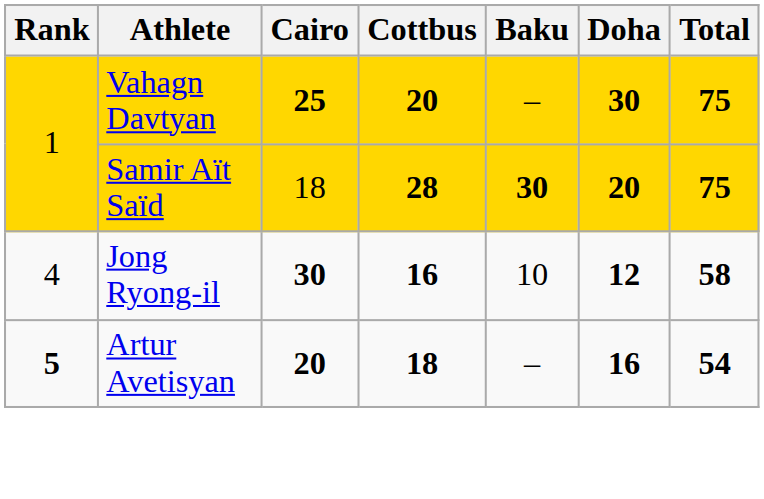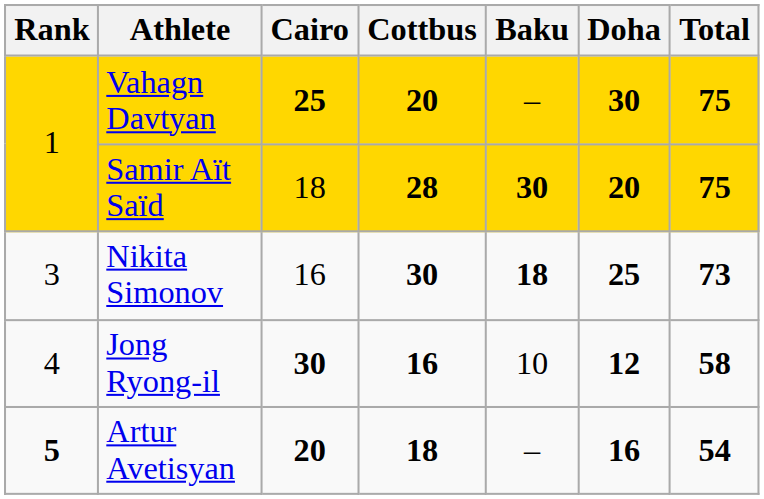 <table style="width:60%;" class="wikitable">
 <tr>
 <th style="text-align:center; width:6%;">Rank</th>
 <th style="text-align:center; width:20%;">Athlete</th>
 <th style="text-align:center; width:6%;"> Cairo</th>
 <th style="text-align:center; width:6%;"> Cottbus</th>
 <th style="text-align:center; width:6%;"> Baku</th>
 <th style="text-align:center; width:6%;"> Doha</th>
 <th style="text-align:center; width:6%;">Total</th>
 </tr>
 <tr scope=row style="text-align:center" bgcolor=gold>
 <td rowspan="2">1</td>
 <td align=left> <a href='#'>Vahagn Davtyan</a></td>
 <td><strong>25</strong></td>
 <td><strong>20</strong></td>
 <td>–</td>
 <td><strong>30</strong></td>
 <td><strong>75</strong></td>
 </tr>
 <tr scope=row style="text-align:center" bgcolor=gold>
 <td align=left> <a href='#'>Samir Aït Saïd</a></td>
 <td>18</td>
 <td><strong>28</strong></td>
 <td><strong>30</strong></td>
 <td><strong>20</strong></td>
 <td><strong>75</strong></td>
 </tr>
 <tr scope=row style="text-align:center">
+<td>3</td>
+<td align=left> <a href='#'>Nikita Simonov</a></td>
+<td>16</td>
+<td><strong>30</strong></td>
+<td><strong>18</strong></td>
+<td><strong>25</strong></td>
+<td><strong>73</strong></td>
+</tr>
+<tr scope=row style="text-align:center">
 <td>4</td>
 <td align=left> <a href='#'>Jong Ryong-il</a></td>
 <td><strong>30</strong></td>
 <td><strong>16</strong></td>
 <td>10</td>
 <td><strong>12</strong></td>
 <td><strong>58</strong></td>
 </tr>
 <tr scope=row style="text-align:center">
 <td><strong>5</strong></td>
 <td align=left> <a href='#'>Artur Avetisyan</a></td>
 <td><strong>20</strong></td>
 <td><strong>18</strong></td>
 <td>–</td>
 <td><strong>16</strong></td>
 <td><strong>54</strong></td>
 </tr>
 </table>
